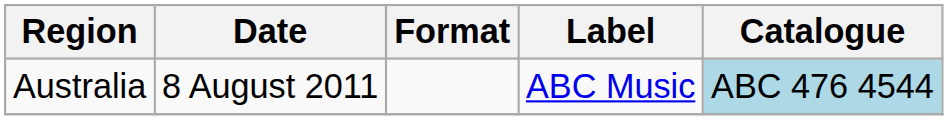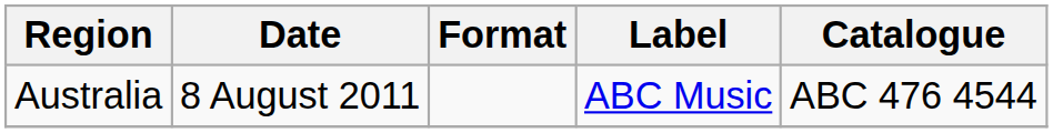 <table class="wikitable plainrowheaders">
 <tr>
 <th scope="col">Region</th>
 <th scope="col">Date</th>
 <th scope="col">Format</th>
 <th scope="col">Label</th>
 <th scope="col">Catalogue</th>
 </tr>
 <tr>
 <td>Australia</td>
 <td>8 August 2011</td>
 <td></td>
 <td><a href='#'>ABC Music</a></td>
-<td style="background: lightblue;">ABC 476 4544</td>
+<td>ABC 476 4544</td>
 </tr>
 <tr>
 </tr>
 </table>
